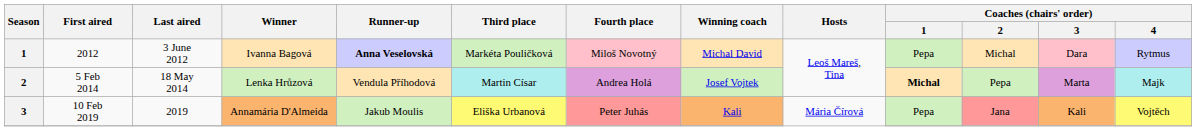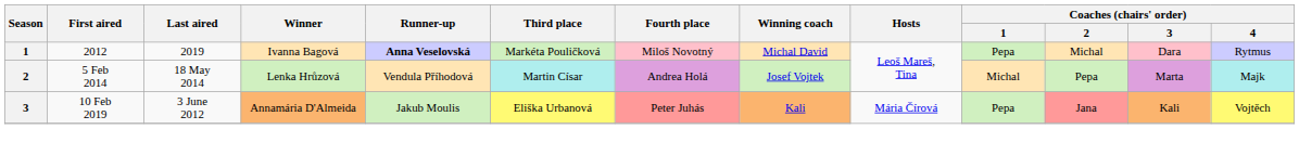 <table class="wikitable" style="text-align:center; font-size:90%; line-height:16px; width:100%">
 <tr>
 <th style="width:02%" rowspan="2" scope="col">Season</th>
 <th style="width:07%" rowspan="2" scope="col">First aired</th>
 <th style="width:07%" rowspan="2" scope="col">Last aired</th>
 <th style="width:09%" rowspan="2" scope="col">Winner</th>
 <th style="width:09%" rowspan="2" scope="col">Runner-up</th>
 <th style="width:09%" rowspan="2" scope="col">Third place</th>
 <th style="width:09%" rowspan="2" scope="col">Fourth place</th>
 <th style="width:08%" rowspan="2" scope="col">Winning coach</th>
 <th style="width:08%" rowspan="2" scope="col">Hosts</th>
 <th style="width:20%" colspan="4" scope="col">Coaches (chairs' order)</th>
 </tr>
 <tr>
 <th style="width:06%">1</th>
 <th style="width:06%">2</th>
 <th style="width:06%">3</th>
 <th style="width:06%">4</th>
 </tr>
 <tr>
 <th>1</th>
 <td> 2012</td>
-<td>3 June <br> 2012</td>
+<td> 2019</td>
 <td style="background:#ffe5b4">Ivanna Bagová</td>
 <td style="background:#ccccff"><strong>Anna Veselovská</strong></td>
 <td style="background:#d0f0c0">Markéta Pouličková</td>
 <td style="background:Pink">Miloš Novotný</td>
 <td style="background:#ffe5b4"><a href='#'>Michal David</a></td>
 <td rowspan="2"><a href='#'>Leoš Mareš</a>,<br><a href='#'>Tina</a> </td>
 <td style="background:#d0f0c0">Pepa</td>
 <td style="background:#ffe5b4">Michal</td>
 <td style="background:Pink">Dara</td>
 <td style="background:#ccccff">Rytmus</td>
 </tr>
 <tr>
 <th>2</th>
 <td>5 Feb <br> 2014</td>
 <td>18 May <br> 2014</td>
 <td style="background:#d0f0c0">Lenka Hrůzová</td>
 <td style="background:#ffe5b4">Vendula Příhodová</td>
 <td style="background:#afeeee">Martin Císar</td>
 <td style="background:#dda0dd">Andrea Holá</td>
 <td style="background:#d0f0c0"><a href='#'>Josef Vojtek</a></td>
-<td style="background:#ffe5b4"><strong>Michal</strong></td>
+<td style="background:#ffe5b4">Michal</td>
 <td style="background:#d0f0c0">Pepa</td>
 <td style="background:#dda0dd"> Marta</td>
 <td style="background:#afeeee">Majk</td>
 </tr>
 <tr>
 <th>3</th>
 <td>10 Feb <br> 2019</td>
-<td> 2019</td>
+<td>3 June <br> 2012</td>
 <td style="background:#fbb46e">Annamária D'Almeida</td>
 <td style="background:#d0f0c0">Jakub Moulis</td>
 <td style="background:#fffa73">Eliška Urbanová</td>
 <td style="background:#ff9999">Peter Juhás</td>
 <td style="background:#fbb46e"><a href='#'>Kali</a></td>
 <td rowspan="3"> <a href='#'>Mária Čírová</a></td>
 <td style="background:#d0f0c0">Pepa</td>
 <td style="background:#ff9999">Jana</td>
 <td style="background:#fbb46e">Kali</td>
 <td style="background:#fffa73">Vojtěch</td>
 </tr>
 <tr>
 </tr>
 </table>
